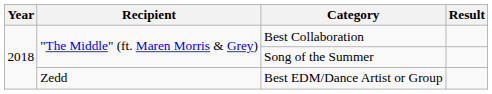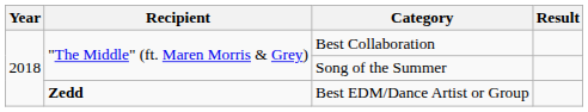 <table class="wikitable">
 <tr>
 <th>Year</th>
 <th>Recipient</th>
 <th>Category</th>
 <th>Result</th>
 </tr>
 <tr>
 <td rowspan="3">2018</td>
 <td rowspan="2">"<a href='#'>The Middle</a>" (ft. <a href='#'>Maren Morris</a> & <a href='#'>Grey</a>)</td>
 <td>Best Collaboration</td>
 <td></td>
 </tr>
 <tr>
 <td>Song of the Summer</td>
 <td></td>
 </tr>
 <tr>
-<td>Zedd</td>
+<td><strong>Zedd</strong></td>
 <td>Best EDM/Dance Artist or Group</td>
 <td></td>
 </tr>
 </table>
